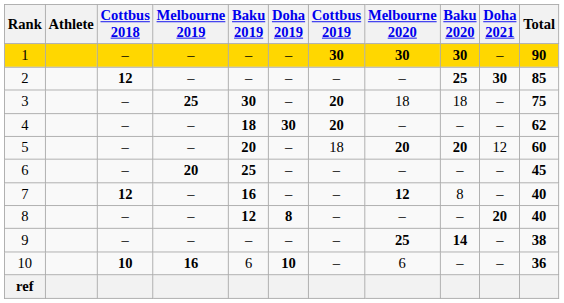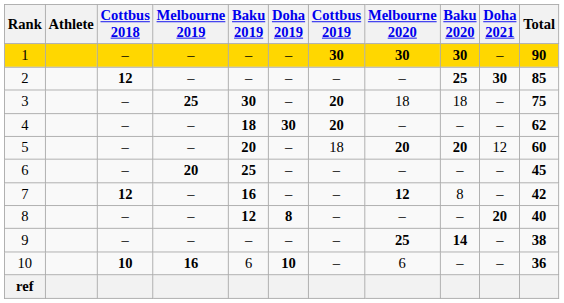 <table style="width:60%;" class="wikitable">
 <tr>
 <th style="text-align:center; width:6%;">Rank</th>
 <th style="text-align:center; width:30%;">Athlete</th>
 <th style="text-align:center; width:6%;"><a href='#'>Cottbus 2018</a></th>
 <th style="text-align:center; width:6%;"><a href='#'>Melbourne 2019</a></th>
 <th style="text-align:center; width:6%;"><a href='#'>Baku 2019</a></th>
 <th style="text-align:center; width:6%;"><a href='#'>Doha 2019</a></th>
 <th style="text-align:center; width:6%;"><a href='#'>Cottbus 2019</a></th>
 <th style="text-align:center; width:6%;"><a href='#'>Melbourne 2020</a></th>
 <th style="text-align:center; width:6%;"><a href='#'>Baku 2020</a></th>
 <th style="text-align:center; width:6%;"><a href='#'>Doha 2021</a></th>
 <th style="text-align:center; width:6%;">Total</th>
 </tr>
 <tr scope=row style="text-align:center" bgcolor=gold>
 <td>1</td>
 <td align=left></td>
 <td>–</td>
 <td>–</td>
 <td>–</td>
 <td>–</td>
 <td><strong>30</strong></td>
 <td><strong>30</strong></td>
 <td><strong>30</strong></td>
 <td>–</td>
 <td><strong>90</strong></td>
 </tr>
 <tr scope=row style="text-align:center">
 <td>2</td>
 <td align=left></td>
 <td><strong>12</strong></td>
 <td>–</td>
 <td>–</td>
 <td>–</td>
 <td>–</td>
 <td>–</td>
 <td><strong>25</strong></td>
 <td><strong>30</strong></td>
 <td><strong>85</strong></td>
 </tr>
 <tr scope=row style="text-align:center">
 <td>3</td>
 <td align=left></td>
 <td>–</td>
 <td><strong>25</strong></td>
 <td><strong>30</strong></td>
 <td>–</td>
 <td><strong>20</strong></td>
 <td>18</td>
 <td>18</td>
 <td>–</td>
 <td><strong>75</strong></td>
 </tr>
 <tr scope=row style="text-align:center">
 <td>4</td>
 <td align=left></td>
 <td>–</td>
 <td>–</td>
 <td><strong>18</strong></td>
 <td><strong>30</strong></td>
 <td><strong>20</strong></td>
 <td>–</td>
 <td>–</td>
 <td>–</td>
 <td><strong>62</strong></td>
 </tr>
 <tr scope=row style="text-align:center">
 <td>5</td>
 <td align=left></td>
 <td>–</td>
 <td>–</td>
 <td><strong>20</strong></td>
 <td>–</td>
 <td>18</td>
 <td><strong>20</strong></td>
 <td><strong>20</strong></td>
 <td>12</td>
 <td><strong>60</strong></td>
 </tr>
 <tr scope=row style="text-align:center">
 <td>6</td>
 <td align=left></td>
 <td>–</td>
 <td><strong>20</strong></td>
 <td><strong>25</strong></td>
 <td>–</td>
 <td>–</td>
 <td>–</td>
 <td>–</td>
 <td>–</td>
 <td><strong>45</strong></td>
 </tr>
 <tr scope=row style="text-align:center">
 <td>7</td>
 <td align=left></td>
 <td><strong>12</strong></td>
 <td>–</td>
 <td><strong>16</strong></td>
 <td>–</td>
 <td>–</td>
 <td><strong>12</strong></td>
 <td>8</td>
 <td>–</td>
-<td><strong>40</strong></td>
+<td><strong>42</strong></td>
 </tr>
 <tr scope=row style="text-align:center">
 <td>8</td>
 <td align=left></td>
 <td>–</td>
 <td>–</td>
 <td><strong>12</strong></td>
 <td><strong>8</strong></td>
 <td>–</td>
 <td>–</td>
 <td>–</td>
 <td><strong>20</strong></td>
 <td><strong>40</strong></td>
 </tr>
 <tr scope=row style="text-align:center">
 <td>9</td>
 <td align=left></td>
 <td>–</td>
 <td>–</td>
 <td>–</td>
 <td>–</td>
 <td>–</td>
 <td><strong>25</strong></td>
 <td><strong>14</strong></td>
 <td>–</td>
 <td><strong>38</strong></td>
 </tr>
 <tr scope=row style="text-align:center">
 <td>10</td>
 <td align=left></td>
 <td><strong>10</strong></td>
 <td><strong>16</strong></td>
 <td>6</td>
 <td><strong>10</strong></td>
 <td>–</td>
 <td>6</td>
 <td>–</td>
 <td>–</td>
 <td><strong>36</strong></td>
 </tr>
 <tr>
 <th>ref</th>
 <th></th>
 <th></th>
 <th></th>
 <th></th>
 <th></th>
 <th></th>
 <th></th>
 <th></th>
 <th></th>
 <th></th>
 </tr>
 </table>
